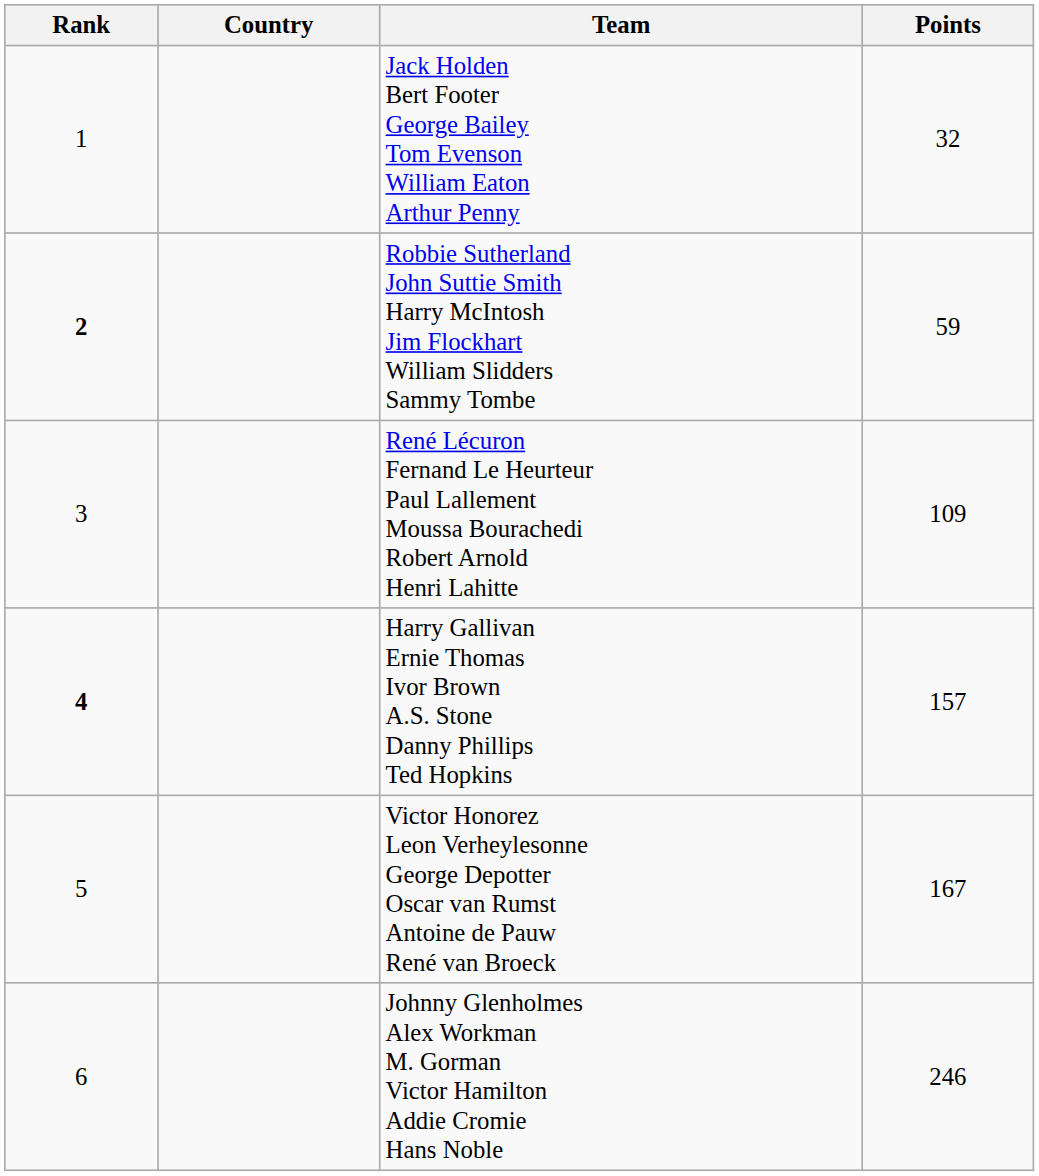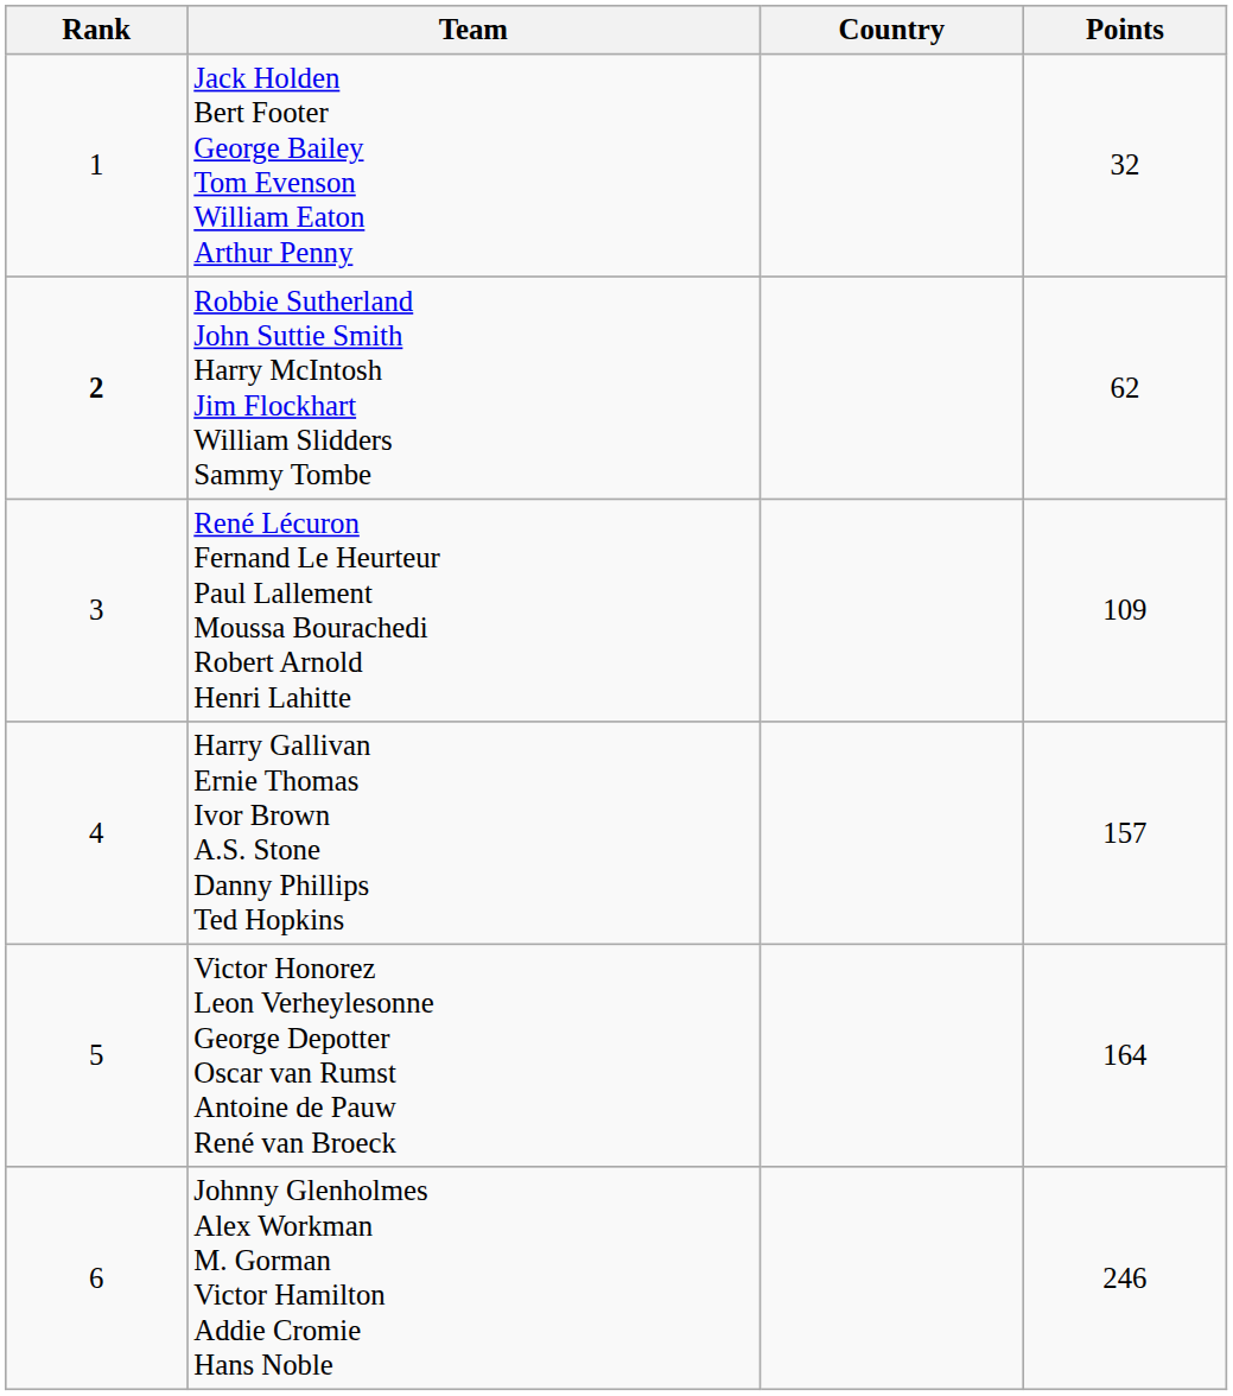 <table class="wikitable sortable" style=" text-align:center; font-size:95%;" width="50%">
 <tr>
 <th>Rank</th>
+<th>Team</th>
 <th>Country</th>
-<th>Team</th>
 <th>Points</th>
 </tr>
 <tr>
 <td align=center>1</td>
+<td align=left><a href='#'>Jack Holden</a><br>Bert Footer<br><a href='#'>George Bailey</a><br><a href='#'>Tom Evenson</a><br><a href='#'>William Eaton</a><br><a href='#'>Arthur Penny</a></td>
 <td align=left></td>
-<td align=left><a href='#'>Jack Holden</a><br>Bert Footer<br><a href='#'>George Bailey</a><br><a href='#'>Tom Evenson</a><br><a href='#'>William Eaton</a><br><a href='#'>Arthur Penny</a></td>
 <td>32</td>
 </tr>
 <tr>
 <td align=center><strong>2</strong></td>
+<td align=left><a href='#'>Robbie Sutherland</a><br><a href='#'>John Suttie Smith</a><br>Harry McIntosh<br><a href='#'>Jim Flockhart</a><br>William Slidders<br>Sammy Tombe</td>
 <td align=left></td>
-<td align=left><a href='#'>Robbie Sutherland</a><br><a href='#'>John Suttie Smith</a><br>Harry McIntosh<br><a href='#'>Jim Flockhart</a><br>William Slidders<br>Sammy Tombe</td>
-<td>59</td>
+<td>62</td>
 </tr>
 <tr>
 <td align=center>3</td>
+<td align=left><a href='#'>René Lécuron</a><br>Fernand Le Heurteur<br>Paul Lallement<br>Moussa Bourachedi<br>Robert Arnold<br>Henri Lahitte</td>
 <td align=left></td>
-<td align=left><a href='#'>René Lécuron</a><br>Fernand Le Heurteur<br>Paul Lallement<br>Moussa Bourachedi<br>Robert Arnold<br>Henri Lahitte</td>
 <td>109</td>
 </tr>
 <tr>
-<td align=center><strong>4</strong></td>
+<td align=center>4</td>
+<td align=left>Harry Gallivan<br>Ernie Thomas<br>Ivor Brown<br>A.S. Stone<br>Danny Phillips<br>Ted Hopkins</td>
 <td align=left></td>
-<td align=left>Harry Gallivan<br>Ernie Thomas<br>Ivor Brown<br>A.S. Stone<br>Danny Phillips<br>Ted Hopkins</td>
 <td>157</td>
 </tr>
 <tr>
 <td align=center>5</td>
+<td align=left>Victor Honorez<br>Leon Verheylesonne<br>George Depotter<br>Oscar van Rumst<br>Antoine de Pauw<br>René van Broeck</td>
 <td align=left></td>
-<td align=left>Victor Honorez<br>Leon Verheylesonne<br>George Depotter<br>Oscar van Rumst<br>Antoine de Pauw<br>René van Broeck</td>
-<td>167</td>
+<td>164</td>
 </tr>
 <tr>
 <td align=center>6</td>
+<td align=left>Johnny Glenholmes<br>Alex Workman<br>M. Gorman<br>Victor Hamilton<br>Addie Cromie<br>Hans Noble</td>
 <td align=left></td>
-<td align=left>Johnny Glenholmes<br>Alex Workman<br>M. Gorman<br>Victor Hamilton<br>Addie Cromie<br>Hans Noble</td>
 <td>246</td>
 </tr>
 </table>
